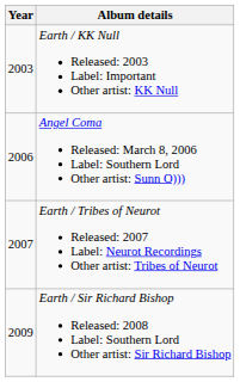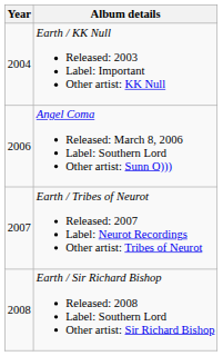 <table class="wikitable">
 <tr>
 <th>Year</th>
 <th>Album details</th>
 </tr>
 <tr>
-<td>2003</td>
+<td>2004</td>
 <td><em>Earth / KK Null</em><br><ul><li>Released: 2003</li><li>Label: Important</li><li>Other artist: <a href='#'>KK Null</a></li></ul></td>
 </tr>
 <tr>
 <td>2006</td>
 <td><em><a href='#'>Angel Coma</a></em><br><ul><li>Released: March 8, 2006</li><li>Label: Southern Lord</li><li>Other artist: <a href='#'>Sunn O)))</a></li></ul></td>
 </tr>
 <tr>
 <td>2007</td>
 <td><em>Earth / Tribes of Neurot</em><br><ul><li>Released: 2007</li><li>Label: <a href='#'>Neurot Recordings</a></li><li>Other artist: <a href='#'>Tribes of Neurot</a></li></ul></td>
 </tr>
 <tr>
-<td>2009</td>
+<td>2008</td>
 <td><em>Earth / Sir Richard Bishop</em><br><ul><li>Released: 2008</li><li>Label: Southern Lord</li><li>Other artist: <a href='#'>Sir Richard Bishop</a></li></ul></td>
 </tr>
 </table>
